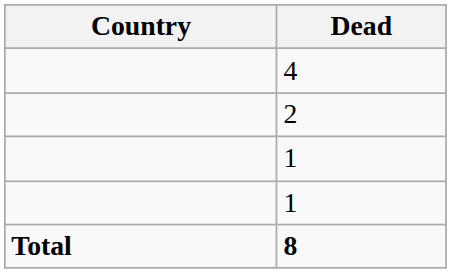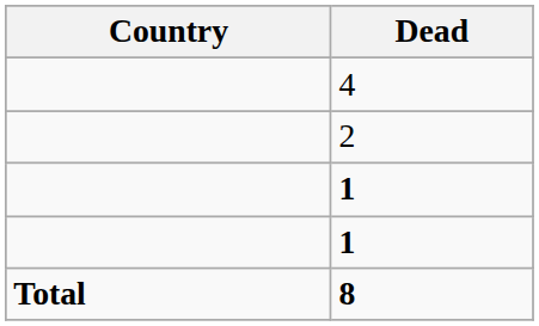 <table class="wikitable">
 <tr>
 <th width="150">Country</th>
 <th width="90">Dead</th>
 </tr>
 <tr ---->
 <td></td>
 <td>4</td>
 </tr>
 <tr ---->
 <td></td>
 <td>2</td>
 </tr>
 <tr ---->
 <td></td>
-<td>1</td>
+<td><strong>1</strong></td>
 </tr>
 <tr ---->
 <td></td>
-<td>1</td>
+<td><strong>1</strong></td>
 </tr>
 <tr ---->
 <td><strong>Total</strong></td>
 <td><strong>8</strong></td>
 </tr>
 </table>
